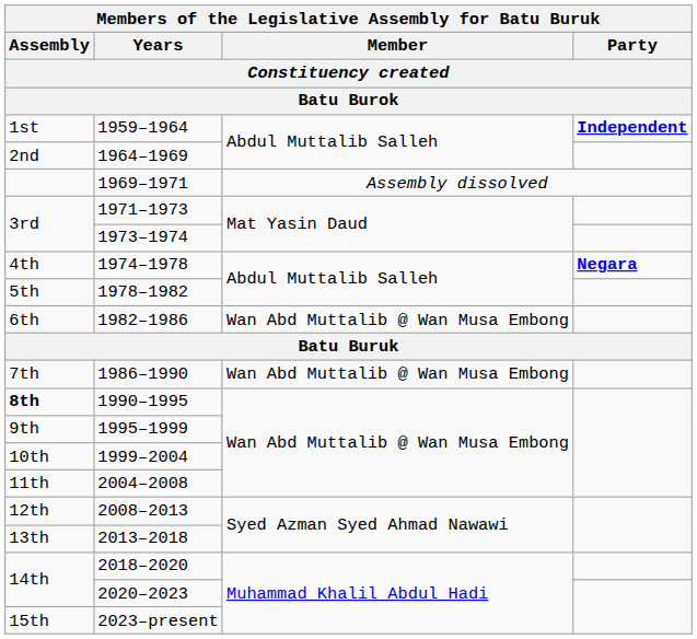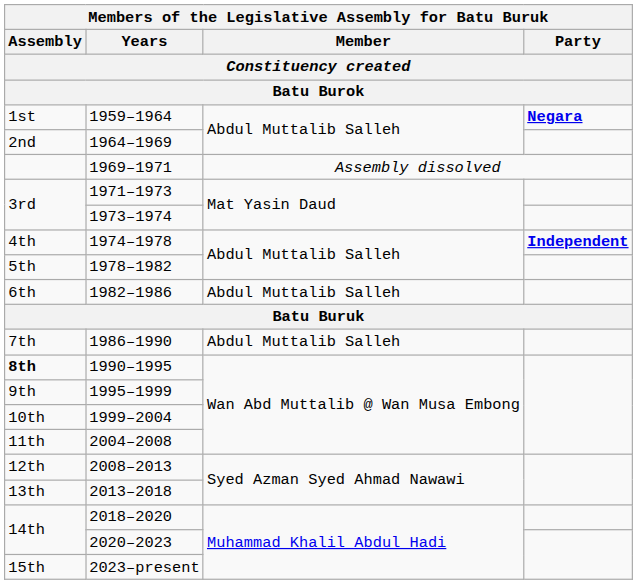 <table class=wikitable>
 <tr>
 <th colspan=4>Members of the Legislative Assembly for Batu Buruk</th>
 </tr>
 <tr>
 <th>Assembly</th>
 <th>Years</th>
 <th>Member</th>
 <th>Party</th>
 </tr>
 <tr>
 <th colspan=4 align=center><em>Constituency created</em></th>
 </tr>
 <tr>
 <th colspan=4 align=center>Batu Burok</th>
 </tr>
 <tr>
 <td>1st</td>
 <td>1959–1964</td>
 <td rowspan=2>Abdul Muttalib Salleh</td>
-<td><strong><a href='#'>Independent</a></strong></td>
+<td><strong><a href='#'>Negara</a></strong></td>
 </tr>
 <tr>
 <td>2nd</td>
 <td>1964–1969</td>
 <td></td>
 </tr>
 <tr>
 <td></td>
 <td>1969–1971</td>
 <td colspan=2 align=center><em>Assembly dissolved</em></td>
 </tr>
 <tr>
 <td rowspan=2>3rd</td>
 <td>1971–1973</td>
 <td rowspan=2>Mat Yasin Daud</td>
 <td></td>
 </tr>
 <tr>
 <td>1973–1974</td>
 <td></td>
 </tr>
 <tr>
 <td>4th</td>
 <td>1974–1978</td>
 <td rowspan=2>Abdul Muttalib Salleh</td>
-<td><strong><a href='#'>Negara</a></strong></td>
+<td><strong><a href='#'>Independent</a></strong></td>
 </tr>
 <tr>
 <td>5th</td>
 <td>1978–1982</td>
 <td></td>
 </tr>
 <tr>
 <td>6th</td>
 <td>1982–1986</td>
-<td>Wan Abd Muttalib @ Wan Musa Embong</td>
+<td>Abdul Muttalib Salleh</td>
 <td></td>
 </tr>
 <tr>
 <th colspan=4 align=center>Batu Buruk</th>
 </tr>
 <tr>
 <td>7th</td>
 <td>1986–1990</td>
-<td>Wan Abd Muttalib @ Wan Musa Embong</td>
+<td>Abdul Muttalib Salleh</td>
 <td></td>
 </tr>
 <tr>
 <td><strong>8th</strong></td>
 <td>1990–1995</td>
 <td rowspan=4>Wan Abd Muttalib @ Wan Musa Embong</td>
 <td rowspan=4></td>
 </tr>
 <tr>
 <td>9th</td>
 <td>1995–1999</td>
 </tr>
 <tr>
 <td>10th</td>
 <td>1999–2004</td>
 </tr>
 <tr>
 <td>11th</td>
 <td>2004–2008</td>
 </tr>
 <tr>
 <td>12th</td>
 <td>2008–2013</td>
 <td rowspan=2>Syed Azman Syed Ahmad Nawawi</td>
 <td rowspan=2></td>
 </tr>
 <tr>
 <td>13th</td>
 <td>2013–2018</td>
 </tr>
 <tr>
 <td rowspan="2">14th</td>
 <td>2018–2020</td>
 <td rowspan="3"><a href='#'>Muhammad Khalil Abdul Hadi</a></td>
 <td></td>
 </tr>
 <tr>
 <td>2020–2023</td>
 <td rowspan="2"></td>
 </tr>
 <tr>
 <td>15th</td>
 <td>2023–present</td>
 </tr>
 </table>
